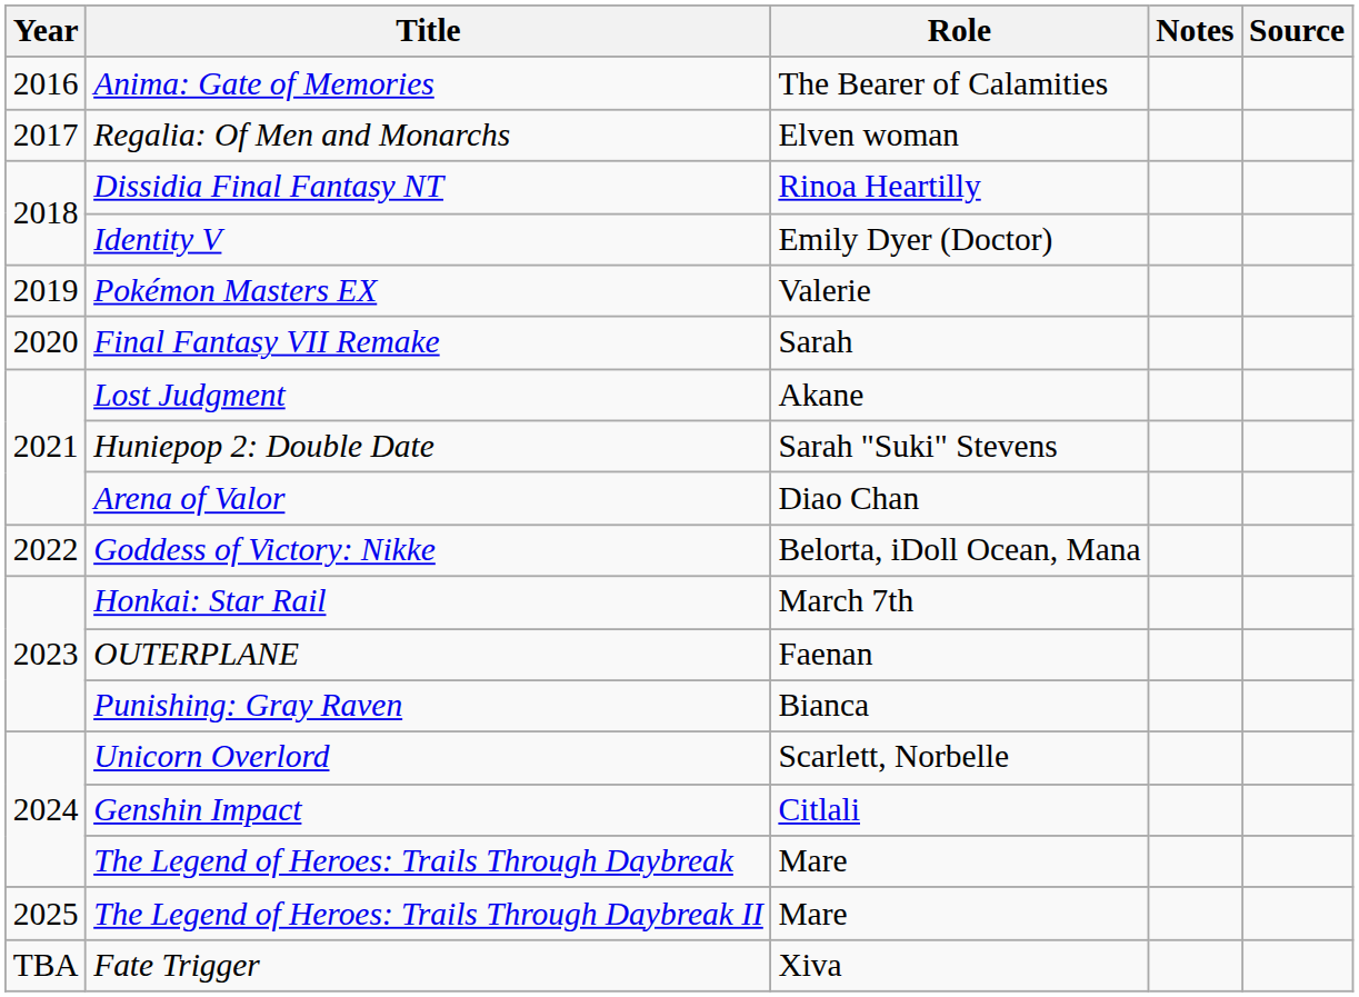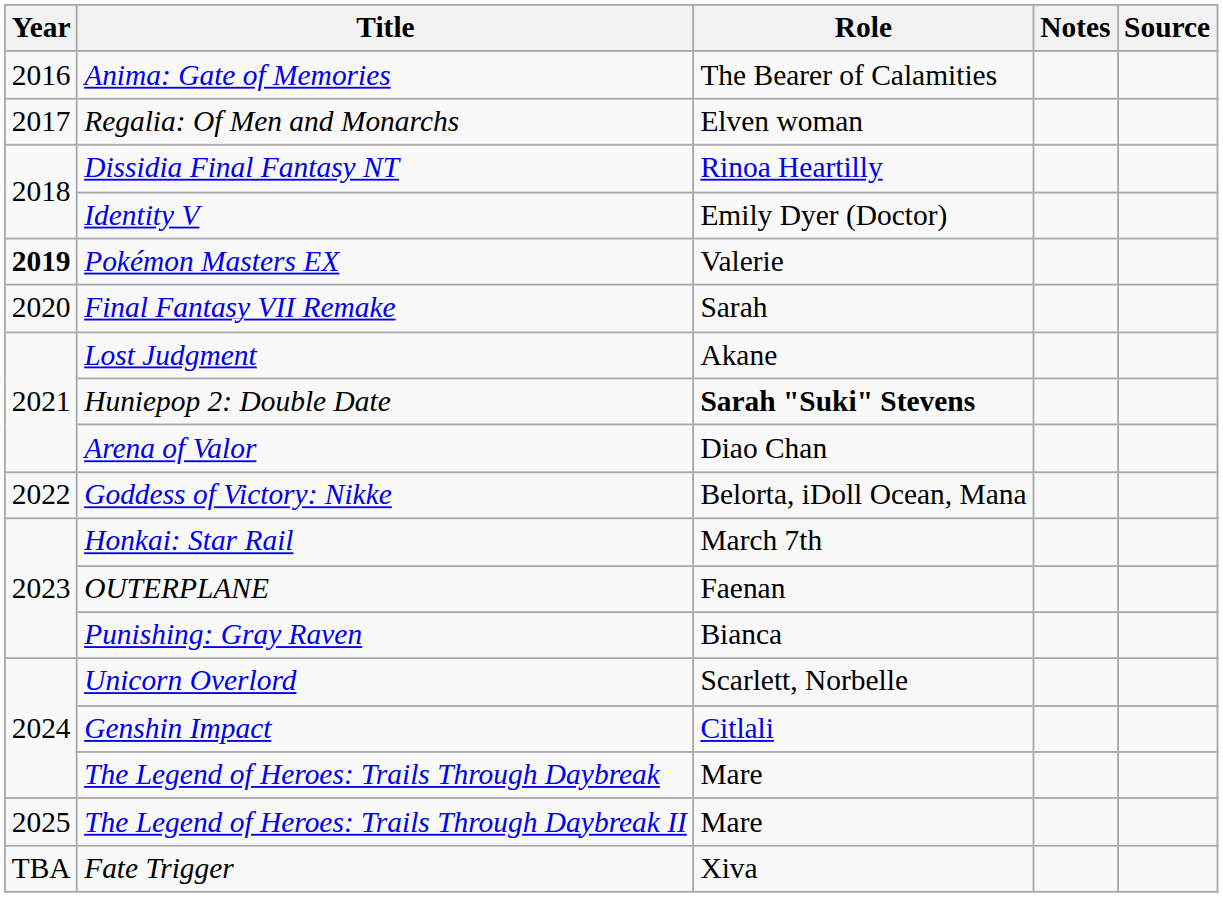 <table class="wikitable sortable">
 <tr>
 <th>Year</th>
 <th>Title</th>
 <th>Role</th>
 <th>Notes</th>
 <th>Source</th>
 </tr>
 <tr>
 <td>2016</td>
 <td><em><a href='#'>Anima: Gate of Memories</a></em></td>
 <td>The Bearer of Calamities</td>
 <td></td>
 <td></td>
 </tr>
 <tr>
 <td>2017</td>
 <td><em>Regalia: Of Men and Monarchs</em></td>
 <td>Elven woman</td>
 <td></td>
 <td></td>
 </tr>
 <tr>
 <td rowspan="2">2018</td>
 <td><em><a href='#'>Dissidia Final Fantasy NT</a></em></td>
 <td><a href='#'>Rinoa Heartilly</a></td>
 <td></td>
 <td></td>
 </tr>
 <tr>
 <td><em><a href='#'>Identity V</a></em></td>
 <td>Emily Dyer (Doctor)</td>
 <td></td>
 <td></td>
 </tr>
 <tr>
-<td>2019</td>
+<td><strong>2019</strong></td>
 <td><em><a href='#'>Pokémon Masters EX</a></em></td>
 <td>Valerie</td>
 <td></td>
 <td></td>
 </tr>
 <tr>
 <td>2020</td>
 <td><em><a href='#'>Final Fantasy VII Remake</a></em></td>
 <td>Sarah</td>
 <td></td>
 <td></td>
 </tr>
 <tr>
 <td rowspan="3">2021</td>
 <td><em><a href='#'>Lost Judgment</a></em></td>
 <td>Akane</td>
 <td></td>
 <td></td>
 </tr>
 <tr>
 <td><em>Huniepop 2: Double Date</em></td>
-<td>Sarah "Suki" Stevens</td>
+<td><strong>Sarah "Suki" Stevens</strong></td>
 <td></td>
 <td></td>
 </tr>
 <tr>
 <td><em><a href='#'>Arena of Valor</a></em></td>
 <td>Diao Chan</td>
 <td></td>
 <td></td>
 </tr>
 <tr>
 <td>2022</td>
 <td><em><a href='#'>Goddess of Victory: Nikke</a></em></td>
 <td>Belorta, iDoll Ocean, Mana</td>
 <td></td>
 <td></td>
 </tr>
 <tr>
 <td rowspan="3">2023</td>
 <td><em><a href='#'>Honkai: Star Rail</a></em></td>
 <td>March 7th</td>
 <td></td>
 <td></td>
 </tr>
 <tr>
 <td><em>OUTERPLANE</em></td>
 <td>Faenan</td>
 <td></td>
 <td></td>
 </tr>
 <tr>
 <td><em><a href='#'>Punishing: Gray Raven</a></em></td>
 <td>Bianca</td>
 <td></td>
 <td></td>
 </tr>
 <tr>
 <td rowspan="3">2024</td>
 <td><em><a href='#'>Unicorn Overlord</a></em></td>
 <td>Scarlett, Norbelle</td>
 <td></td>
 <td></td>
 </tr>
 <tr>
 <td><em><a href='#'>Genshin Impact</a></em></td>
 <td><a href='#'>Citlali</a></td>
 <td></td>
 <td></td>
 </tr>
 <tr>
 <td><em><a href='#'>The Legend of Heroes: Trails Through Daybreak</a></em></td>
 <td>Mare</td>
 <td></td>
 <td></td>
 </tr>
 <tr>
 <td>2025</td>
 <td><em><a href='#'>The Legend of Heroes: Trails Through Daybreak II</a></em></td>
 <td>Mare</td>
 <td></td>
 <td></td>
 </tr>
 <tr>
 <td>TBA</td>
 <td><em>Fate Trigger</em></td>
 <td>Xiva</td>
 <td></td>
 <td></td>
 </tr>
 </table>
